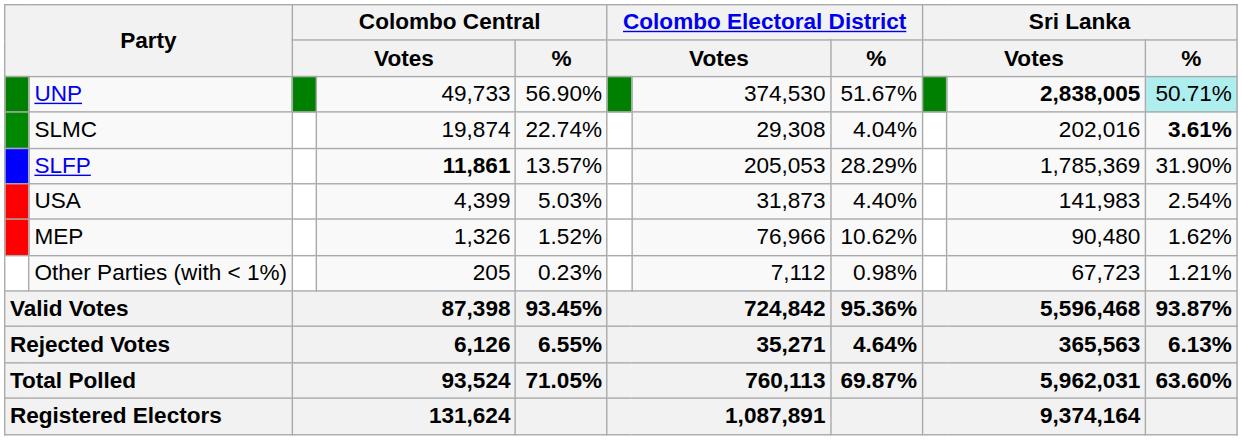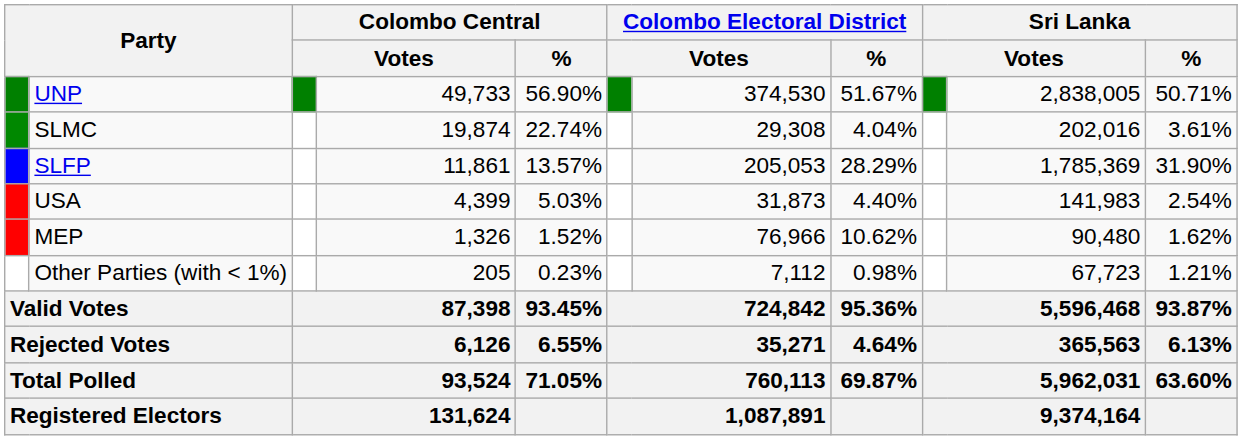 <table class="wikitable">
 <tr>
 <th colspan="2" width="144px"rowspan="2">Party</th>
 <th colspan="3" width="216px">Colombo Central</th>
 <th colspan="3" width="216px"><a href='#'>Colombo Electoral District</a></th>
 <th colspan="3" width="216px">Sri Lanka</th>
 </tr>
 <tr>
 <th colspan="2" width="144px">Votes</th>
 <th>%</th>
 <th colspan="2" width="144px">Votes</th>
 <th>%</th>
 <th colspan="2" width="144px">Votes</th>
 <th>%</th>
 </tr>
 <tr>
 <td style="background-color:green;" width="10px"></td>
 <td style="text-align:left;"><a href='#'>UNP</a></td>
 <td style="background-color:green;" width="10px"></td>
 <td style="text-align:right;">49,733</td>
 <td style="text-align:right;">56.90%</td>
 <td style="background-color:green;" width="10px"></td>
 <td style="text-align:right;">374,530</td>
 <td style="text-align:right;">51.67%</td>
 <td style="background-color:green;" width="10px"></td>
-<td style="text-align:right;"><strong>2,838,005</strong></td>
-<td style="background: paleturquoise; text-align:right;">50.71%</td>
+<td style="text-align:right;">2,838,005</td>
+<td style="text-align:right;">50.71%</td>
 </tr>
 <tr>
 <td style="background-color:#008800;" width="10px"></td>
 <td style="text-align:left;">SLMC</td>
 <td style="background-color:white;" width="10px"></td>
 <td style="text-align:right;">19,874</td>
 <td style="text-align:right;">22.74%</td>
 <td style="background-color:white;" width="10px"></td>
 <td style="text-align:right;">29,308</td>
 <td style="text-align:right;">4.04%</td>
 <td style="background-color:white;" width="10px"></td>
 <td style="text-align:right;">202,016</td>
-<td style="text-align:right;"><strong>3.61%</strong></td>
+<td style="text-align:right;">3.61%</td>
 </tr>
 <tr>
 <td style="background-color:blue;" width="10px"></td>
 <td style="text-align:left;"><a href='#'>SLFP</a></td>
 <td style="background-color:white;" width="10px"></td>
-<td style="text-align:right;"><strong>11,861</strong></td>
+<td style="text-align:right;">11,861</td>
 <td style="text-align:right;">13.57%</td>
 <td style="background-color:white;" width="10px"></td>
 <td style="text-align:right;">205,053</td>
 <td style="text-align:right;">28.29%</td>
 <td style="background-color:white;" width="10px"></td>
 <td style="text-align:right;">1,785,369</td>
 <td style="text-align:right;">31.90%</td>
 </tr>
 <tr>
 <td style="background-color:red;" width="10px"></td>
 <td style="text-align:left;">USA</td>
 <td style="background-color:white;" width="10px"></td>
 <td style="text-align:right;">4,399</td>
 <td style="text-align:right;">5.03%</td>
 <td style="background-color:white;" width="10px"></td>
 <td style="text-align:right;">31,873</td>
 <td style="text-align:right;">4.40%</td>
 <td style="background-color:white;" width="10px"></td>
 <td style="text-align:right;">141,983</td>
 <td style="text-align:right;">2.54%</td>
 </tr>
 <tr>
 <td style="background-color:red;" width="10px"></td>
 <td style="text-align:left;">MEP</td>
 <td style="background-color:white;" width="10px"></td>
 <td style="text-align:right;">1,326</td>
 <td style="text-align:right;">1.52%</td>
 <td style="background-color:white;" width="10px"></td>
 <td style="text-align:right;">76,966</td>
 <td style="text-align:right;">10.62%</td>
 <td style="background-color:white;" width="10px"></td>
 <td style="text-align:right;">90,480</td>
 <td style="text-align:right;">1.62%</td>
 </tr>
 <tr>
 <td style="background-color:white;" width="10px"></td>
 <td style="text-align:left;">Other Parties (with < 1%)</td>
 <td style="background-color:white;" width="10px"></td>
 <td style="text-align:right;">205</td>
 <td style="text-align:right;">0.23%</td>
 <td style="background-color:white;" width="10px"></td>
 <td style="text-align:right;">7,112</td>
 <td style="text-align:right;">0.98%</td>
 <td style="background-color:white;" width="10px"></td>
 <td style="text-align:right;">67,723</td>
 <td style="text-align:right;">1.21%</td>
 </tr>
 <tr>
 <th colspan="2" width="144px"style="text-align:left;">Valid Votes</th>
 <th style="text-align:right;"colspan="2" width="144px">87,398</th>
 <th style="text-align:right;">93.45%</th>
 <th style="text-align:right;"colspan="2" width="144px">724,842</th>
 <th style="text-align:right;">95.36%</th>
 <th style="text-align:right;"colspan="2" width="144px">5,596,468</th>
 <th style="text-align:right;">93.87%</th>
 </tr>
 <tr>
 <th colspan="2" width="144px"style="text-align:left;">Rejected Votes</th>
 <th style="text-align:right;"colspan="2" width="144px">6,126</th>
 <th style="text-align:right;">6.55%</th>
 <th style="text-align:right;"colspan="2" width="144px">35,271</th>
 <th style="text-align:right;">4.64%</th>
 <th style="text-align:right;"colspan="2" width="144px">365,563</th>
 <th style="text-align:right;">6.13%</th>
 </tr>
 <tr>
 <th colspan="2" width="144px"style="text-align:left;">Total Polled</th>
 <th style="text-align:right;"colspan="2" width="144px">93,524</th>
 <th style="text-align:right;">71.05%</th>
 <th style="text-align:right;"colspan="2" width="144px">760,113</th>
 <th style="text-align:right;">69.87%</th>
 <th style="text-align:right;"colspan="2" width="144px">5,962,031</th>
 <th style="text-align:right;">63.60%</th>
 </tr>
 <tr>
 <th colspan="2" width="144px"style="text-align:left;">Registered Electors</th>
 <th style="text-align:right;"colspan="2" width="144px">131,624</th>
 <th></th>
 <th style="text-align:right;"colspan="2" width="144px">1,087,891</th>
 <th></th>
 <th style="text-align:right;"colspan="2" width="144px">9,374,164</th>
 <th></th>
 </tr>
 </table>
